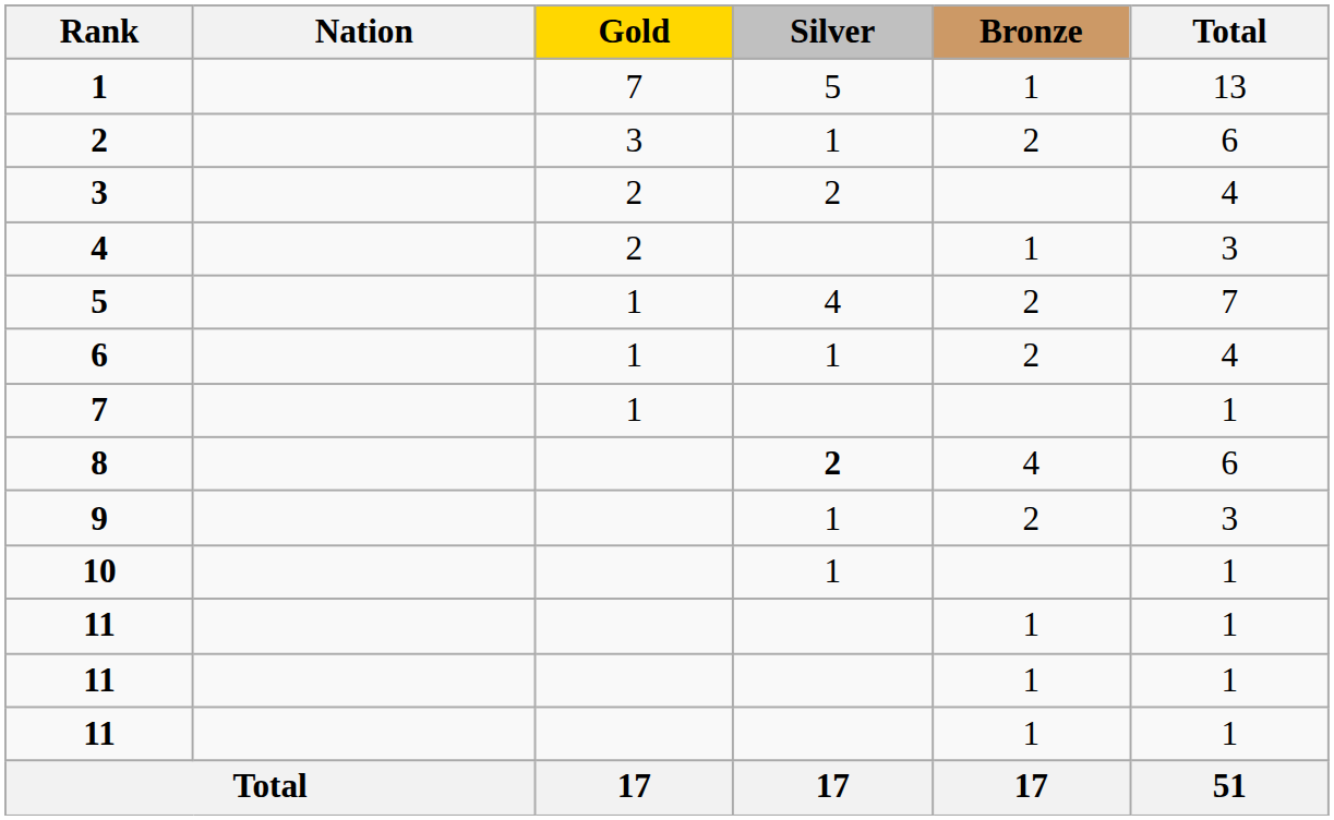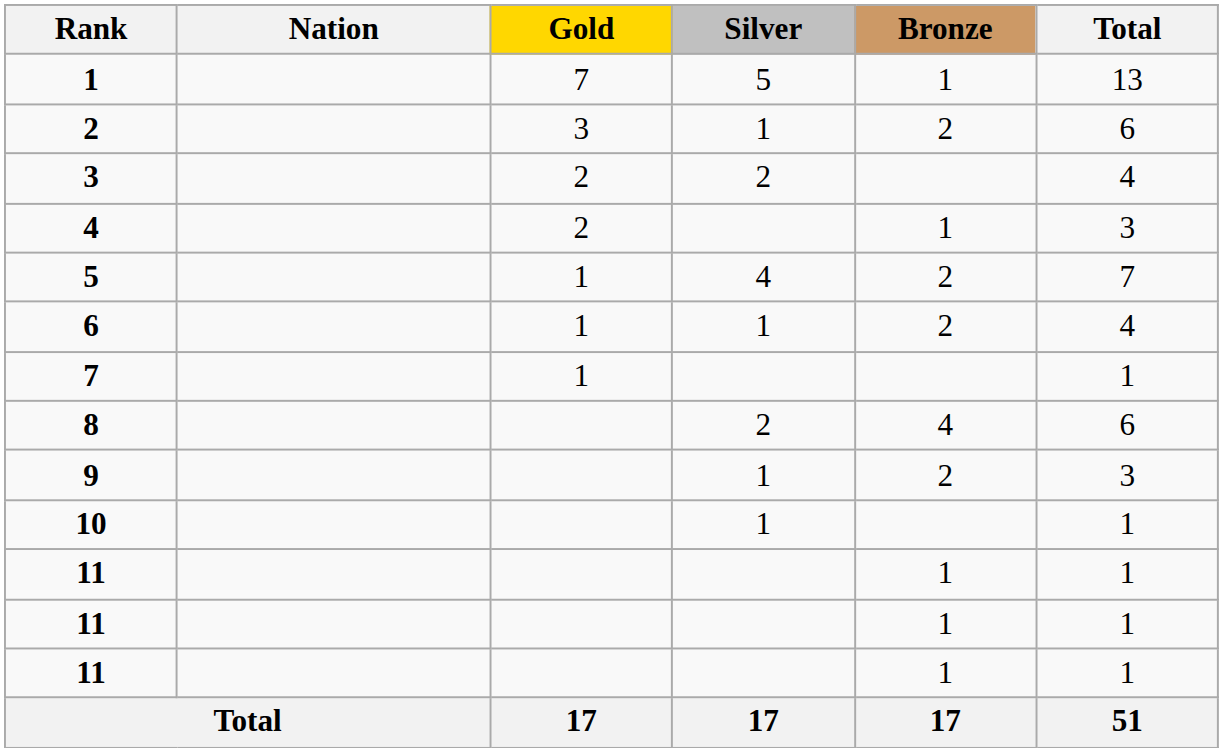 <table class="wikitable collapsible autocollapse plainrowheaders" width=70.5% style="text-align:center;">
 <tr style="background-color:#EDEDED;">
 <th width=100px class="hintergrundfarbe5">Rank</th>
 <th width=200px class="hintergrundfarbe6">Nation</th>
 <th style="background:    gold; width:15%">Gold</th>
 <th style="background:  silver; width:15%">Silver</th>
 <th style="background: #CC9966; width:15%">Bronze</th>
 <th class="hintergrundfarbe6" style="width:15%">Total</th>
 </tr>
 <tr>
 <td><strong>1</strong></td>
 <td align=left></td>
 <td>7</td>
 <td>5</td>
 <td>1</td>
 <td>13</td>
 </tr>
 <tr>
 <td><strong>2</strong></td>
 <td align=left></td>
 <td>3</td>
 <td>1</td>
 <td>2</td>
 <td>6</td>
 </tr>
 <tr>
 <td><strong>3</strong></td>
 <td align=left></td>
 <td>2</td>
 <td>2</td>
 <td></td>
 <td>4</td>
 </tr>
 <tr>
 <td><strong>4</strong></td>
 <td align=left></td>
 <td>2</td>
 <td></td>
 <td>1</td>
 <td>3</td>
 </tr>
 <tr>
 <td><strong>5</strong></td>
 <td align=left></td>
 <td>1</td>
 <td>4</td>
 <td>2</td>
 <td>7</td>
 </tr>
 <tr>
 <td><strong>6</strong></td>
 <td align=left></td>
 <td>1</td>
 <td>1</td>
 <td>2</td>
 <td>4</td>
 </tr>
 <tr>
 <td><strong>7</strong></td>
 <td align=left></td>
 <td>1</td>
 <td></td>
 <td></td>
 <td>1</td>
 </tr>
 <tr>
 <td><strong>8</strong></td>
 <td align=left></td>
 <td></td>
-<td><strong>2</strong></td>
+<td>2</td>
 <td>4</td>
 <td>6</td>
 </tr>
 <tr>
 <td><strong>9</strong></td>
 <td align=left></td>
 <td></td>
 <td>1</td>
 <td>2</td>
 <td>3</td>
 </tr>
 <tr>
 <td><strong>10</strong></td>
 <td align=left></td>
 <td></td>
 <td>1</td>
 <td></td>
 <td>1</td>
 </tr>
 <tr>
 <td><strong>11</strong></td>
 <td align=left></td>
 <td></td>
 <td></td>
 <td>1</td>
 <td>1</td>
 </tr>
 <tr>
 <td><strong>11</strong></td>
 <td align=left></td>
 <td></td>
 <td></td>
 <td>1</td>
 <td>1</td>
 </tr>
 <tr>
 <td><strong>11</strong></td>
 <td align=left></td>
 <td></td>
 <td></td>
 <td>1</td>
 <td>1</td>
 </tr>
 <tr>
 <th colspan=2>Total</th>
 <th>17</th>
 <th>17</th>
 <th>17</th>
 <th>51</th>
 </tr>
 </table>
